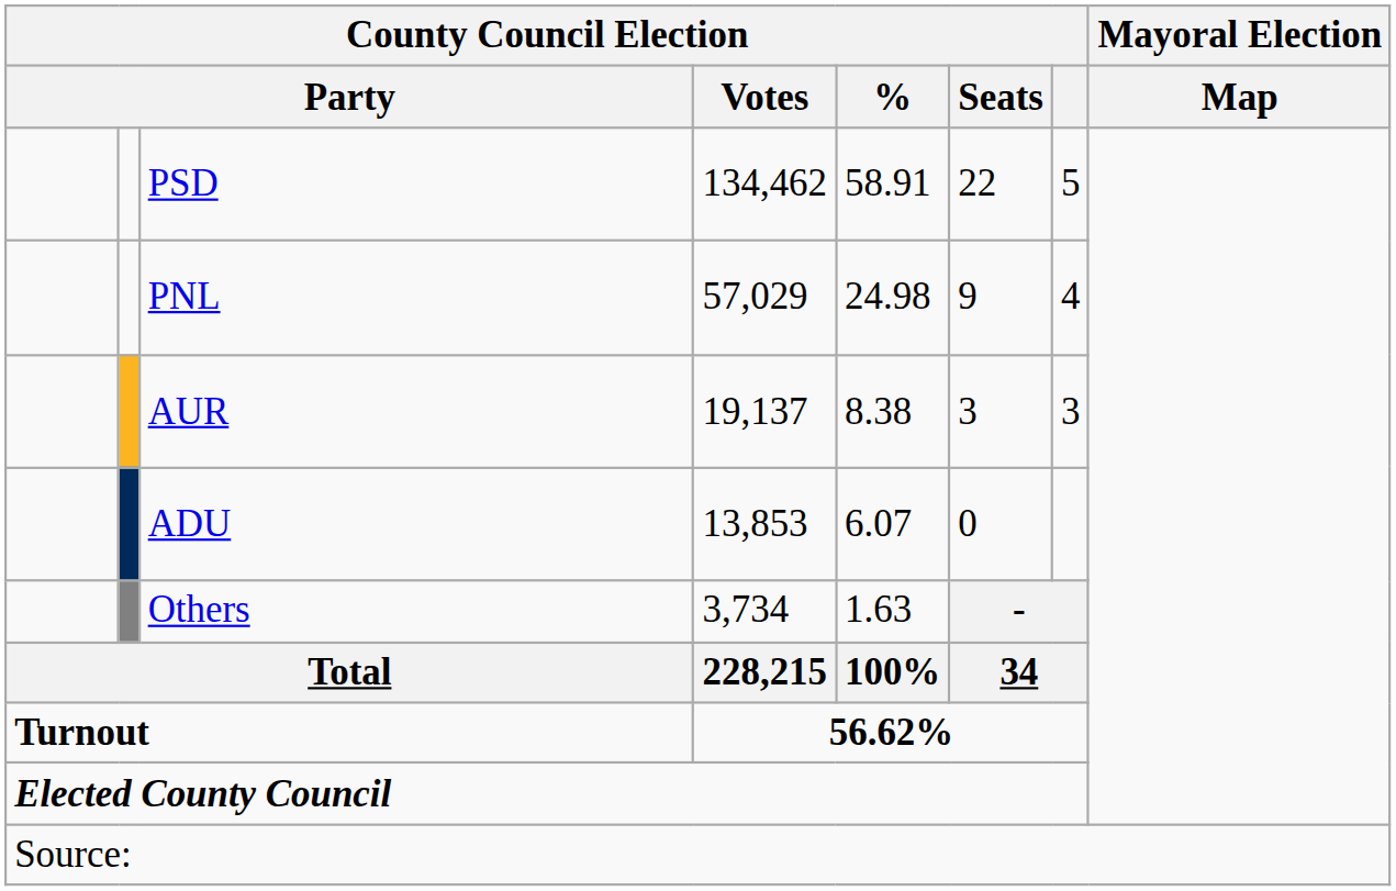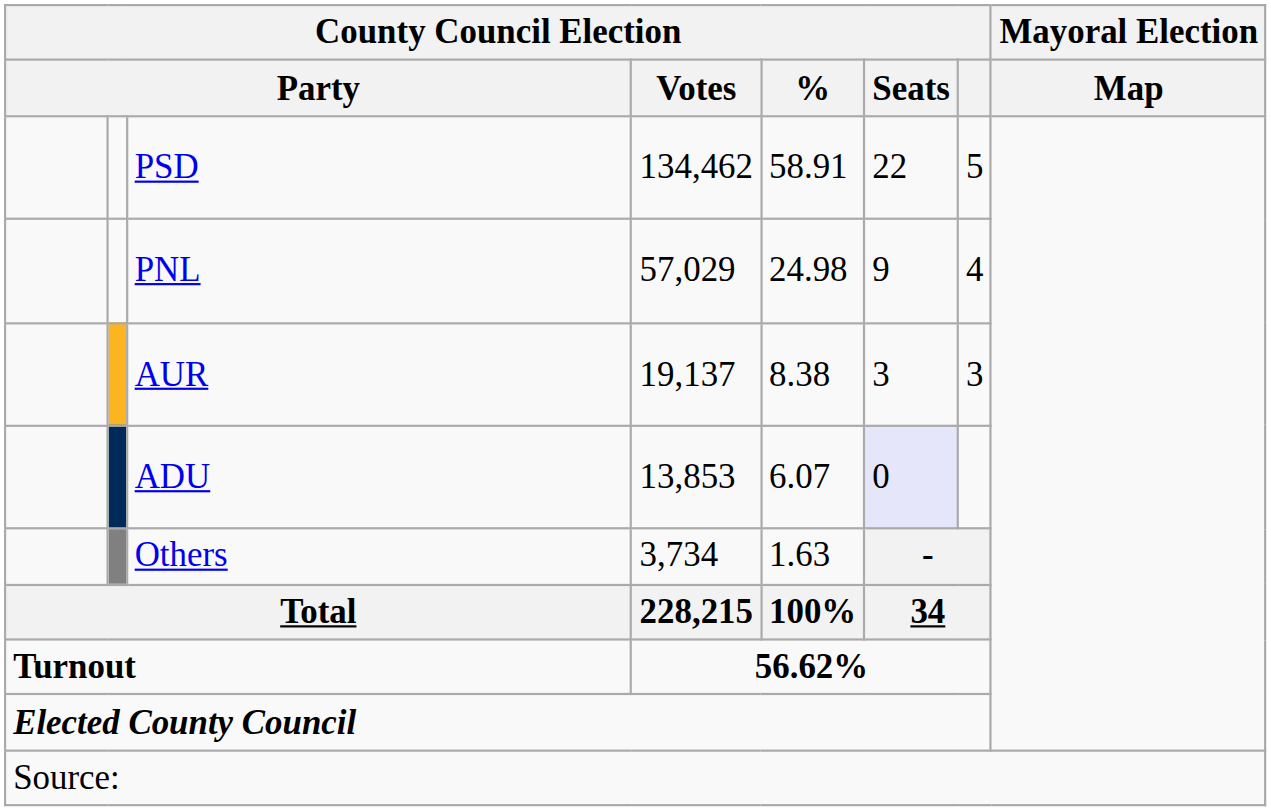 <table class="wikitable" style="text-align:left">
 <tr>
 <th colspan="7">County Council Election</th>
 <th>Mayoral Election</th>
 </tr>
 <tr>
 <th colspan="3" width="280">Party</th>
 <th>Votes</th>
 <th>%</th>
 <th>Seats</th>
 <th></th>
 <th>Map</th>
 </tr>
 <tr>
 <td width="40" height="40"></td>
 <td style="color:inherit;background:"></td>
 <td align="left"><a href='#'>PSD</a></td>
 <td>134,462</td>
 <td>58.91</td>
 <td>22</td>
 <td>5</td>
 <td rowspan="8"></td>
 </tr>
 <tr>
 <td height="40"></td>
 <td width="1" style="color:inherit;background:"></td>
 <td align="left"><a href='#'>PNL</a></td>
 <td>57,029</td>
 <td>24.98</td>
 <td>9</td>
 <td>4</td>
 </tr>
 <tr>
 <td height="40"></td>
 <td style="background:#FCB521;"></td>
 <td align="left"><a href='#'>AUR</a></td>
 <td>19,137</td>
 <td>8.38</td>
 <td>3</td>
 <td>3</td>
 </tr>
 <tr>
 <td height="40"></td>
 <td style="background:#002A59;"></td>
 <td align="left"><a href='#'>ADU</a></td>
 <td>13,853</td>
 <td>6.07</td>
-<td>0</td>
+<td style="background: lavender;">0</td>
 <td></td>
 </tr>
 <tr>
 <td></td>
 <td style="background-color:Grey "></td>
 <td align="left"><a href='#'>Others</a></td>
 <td>3,734</td>
 <td>1.63</td>
 <th colspan="2">-</th>
 </tr>
 <tr>
 <th colspan="3"><strong><u>Total</u></strong></th>
 <th style="text-align:left">228,215</th>
 <th style="text-align:left">100%</th>
 <th colspan="2"><strong><u>34</u></strong></th>
 </tr>
 <tr>
 <td colspan="3"><strong>Turnout</strong></td>
 <td colspan="4" style="text-align: center"><strong>56.62%</strong></td>
 </tr>
 <tr>
 <td colspan="7"><strong><em>Elected County Council</em></strong></td>
 </tr>
 <tr>
 <td colspan="8">Source: </td>
 </tr>
 </table>
